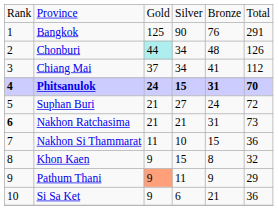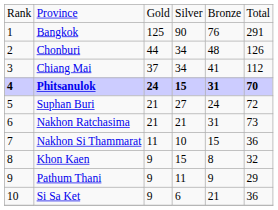 <table class="wikitable">
 <tr>
 <td>Rank</td>
 <td><a href='#'>Province</a></td>
 <td>Gold</td>
 <td>Silver</td>
 <td>Bronze</td>
 <td>Total</td>
 </tr>
 <tr>
 <td>1</td>
 <td><a href='#'>Bangkok</a></td>
 <td>125</td>
 <td>90</td>
 <td>76</td>
 <td>291</td>
 </tr>
 <tr>
 <td>2</td>
 <td><a href='#'>Chonburi</a></td>
-<td style="background: paleturquoise;">44</td>
+<td>44</td>
 <td>34</td>
 <td>48</td>
 <td>126</td>
 </tr>
 <tr>
 <td>3</td>
 <td><a href='#'>Chiang Mai</a></td>
 <td>37</td>
 <td>34</td>
 <td>41</td>
 <td>112</td>
 </tr>
 <tr style="background:#ccccff">
 <td><strong>4</strong></td>
 <td><strong><a href='#'>Phitsanulok</a></strong></td>
 <td><strong>24</strong></td>
 <td><strong>15</strong></td>
 <td><strong>31</strong></td>
 <td><strong>70</strong></td>
 </tr>
 <tr>
 <td>5</td>
 <td><a href='#'>Suphan Buri</a></td>
 <td>21</td>
 <td>27</td>
 <td>24</td>
 <td>72</td>
 </tr>
 <tr>
-<td><strong>6</strong></td>
+<td>6</td>
 <td><a href='#'>Nakhon Ratchasima</a></td>
 <td>21</td>
 <td>21</td>
 <td>31</td>
 <td>73</td>
 </tr>
 <tr>
 <td>7</td>
 <td><a href='#'>Nakhon Si Thammarat</a></td>
 <td>11</td>
 <td>10</td>
 <td>15</td>
 <td>36</td>
 </tr>
 <tr>
 <td>8</td>
 <td><a href='#'>Khon Kaen</a></td>
 <td>9</td>
 <td>15</td>
 <td>8</td>
 <td>32</td>
 </tr>
 <tr>
 <td>9</td>
 <td><a href='#'>Pathum Thani</a></td>
-<td style="background: lightsalmon;">9</td>
+<td>9</td>
 <td>11</td>
 <td>9</td>
 <td>29</td>
 </tr>
 <tr>
 <td>10</td>
 <td><a href='#'>Si Sa Ket</a></td>
 <td>9</td>
 <td>6</td>
 <td>21</td>
 <td>36</td>
 </tr>
 <tr>
 </tr>
 </table>
